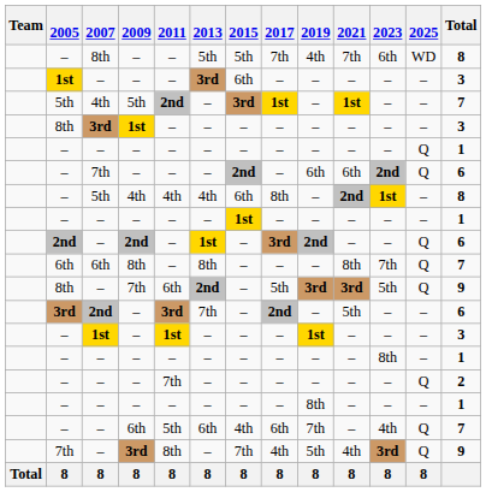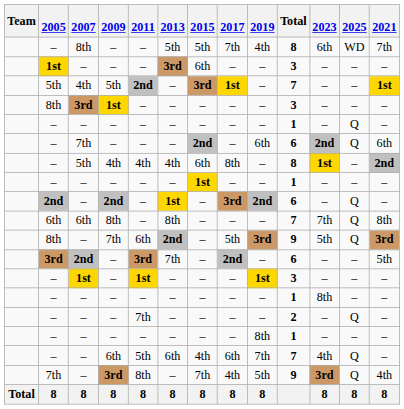 <table class="wikitable" style="text-align:center">
 <tr>
 <th>Team</th>
 <th><br><a href='#'>2005</a></th>
 <th><br><a href='#'>2007</a></th>
 <th><br><a href='#'>2009</a></th>
 <th><br><a href='#'>2011</a></th>
 <th><br><a href='#'>2013</a></th>
 <th><br><a href='#'>2015</a></th>
 <th><br><a href='#'>2017</a></th>
 <th><br><a href='#'>2019</a></th>
-<th><br><a href='#'>2021</a></th>
+<th>Total</th>
 <th><br><a href='#'>2023</a></th>
 <th><br><a href='#'>2025</a></th>
-<th>Total</th>
+<th><br><a href='#'>2021</a></th>
 </tr>
 <tr>
 <td align=left></td>
 <td>–</td>
 <td>8th</td>
 <td>–</td>
 <td>–</td>
 <td>5th</td>
 <td>5th</td>
 <td>7th</td>
 <td>4th</td>
-<td>7th</td>
+<td><strong>8</strong></td>
 <td>6th</td>
 <td>WD</td>
-<td><strong>8</strong></td>
+<td>7th</td>
 </tr>
 <tr>
 <td align=left></td>
 <td bgcolor=gold><strong>1st</strong></td>
 <td>–</td>
 <td>–</td>
 <td>–</td>
 <td bgcolor=cc9966><strong>3rd</strong></td>
 <td>6th</td>
 <td>–</td>
 <td>–</td>
+<td><strong>3</strong></td>
 <td>–</td>
 <td>–</td>
 <td>–</td>
-<td><strong>3</strong></td>
 </tr>
 <tr>
 <td align=left></td>
 <td>5th</td>
 <td>4th</td>
 <td>5th</td>
 <td bgcolor=silver><strong>2nd</strong></td>
 <td>–</td>
 <td bgcolor=cc9966><strong>3rd</strong></td>
 <td bgcolor=gold><strong>1st</strong></td>
 <td>–</td>
-<td bgcolor=gold><strong>1st</strong></td>
+<td><strong>7</strong></td>
 <td>–</td>
 <td>–</td>
-<td><strong>7</strong></td>
+<td bgcolor=gold><strong>1st</strong></td>
 </tr>
 <tr>
 <td align=left></td>
 <td>8th</td>
 <td bgcolor=cc9966><strong>3rd</strong></td>
 <td bgcolor=gold><strong>1st</strong></td>
 <td>–</td>
 <td>–</td>
 <td>–</td>
 <td>–</td>
 <td>–</td>
+<td><strong>3</strong></td>
 <td>–</td>
 <td>–</td>
 <td>–</td>
-<td><strong>3</strong></td>
 </tr>
 <tr>
 <td align=left></td>
 <td>–</td>
 <td>–</td>
 <td>–</td>
 <td>–</td>
 <td>–</td>
 <td>–</td>
 <td>–</td>
 <td>–</td>
-<td>–</td>
+<td><strong>1</strong></td>
 <td>–</td>
 <td>Q</td>
-<td><strong>1</strong></td>
+<td>–</td>
 </tr>
 <tr>
 <td align=left></td>
 <td>–</td>
 <td>7th</td>
 <td>–</td>
 <td>–</td>
 <td>–</td>
 <td bgcolor=silver><strong>2nd</strong></td>
 <td>–</td>
 <td>6th</td>
-<td>6th</td>
+<td><strong>6</strong></td>
 <td bgcolor=silver><strong>2nd</strong></td>
 <td>Q</td>
-<td><strong>6</strong></td>
+<td>6th</td>
 </tr>
 <tr>
 <td align=left></td>
 <td>–</td>
 <td>5th</td>
 <td>4th</td>
 <td>4th</td>
 <td>4th</td>
 <td>6th</td>
 <td>8th</td>
 <td>–</td>
-<td bgcolor=silver><strong>2nd</strong></td>
+<td><strong>8</strong></td>
 <td bgcolor=gold><strong>1st</strong></td>
 <td>–</td>
-<td><strong>8</strong></td>
+<td bgcolor=silver><strong>2nd</strong></td>
 </tr>
 <tr>
 <td align=left></td>
 <td>–</td>
 <td>–</td>
 <td>–</td>
 <td>–</td>
 <td>–</td>
 <td bgcolor=gold><strong>1st</strong></td>
 <td>–</td>
 <td>–</td>
+<td><strong>1</strong></td>
 <td>–</td>
 <td>–</td>
 <td>–</td>
-<td><strong>1</strong></td>
 </tr>
 <tr>
 <td align=left></td>
 <td bgcolor=silver><strong>2nd</strong></td>
 <td>–</td>
 <td bgcolor=silver><strong>2nd</strong></td>
 <td>–</td>
 <td bgcolor=gold><strong>1st</strong></td>
 <td>–</td>
 <td bgcolor=cc9966><strong>3rd</strong></td>
 <td bgcolor=silver><strong>2nd</strong></td>
-<td>–</td>
+<td><strong>6</strong></td>
 <td>–</td>
 <td>Q</td>
-<td><strong>6</strong></td>
+<td>–</td>
 </tr>
 <tr>
 <td align=left></td>
 <td>6th</td>
 <td>6th</td>
 <td>8th</td>
 <td>–</td>
 <td>8th</td>
 <td>–</td>
 <td>–</td>
 <td>–</td>
-<td>8th</td>
+<td><strong>7</strong></td>
 <td>7th</td>
 <td>Q</td>
-<td><strong>7</strong></td>
+<td>8th</td>
 </tr>
 <tr>
 <td align=left></td>
 <td>8th</td>
 <td>–</td>
 <td>7th</td>
 <td>6th</td>
 <td bgcolor=silver><strong>2nd</strong></td>
 <td>–</td>
 <td>5th</td>
 <td bgcolor=cc9966><strong>3rd</strong></td>
-<td bgcolor=cc9966><strong>3rd</strong></td>
+<td><strong>9</strong></td>
 <td>5th</td>
 <td>Q</td>
-<td><strong>9</strong></td>
+<td bgcolor=cc9966><strong>3rd</strong></td>
 </tr>
 <tr>
 <td align=left></td>
 <td bgcolor=cc9966><strong>3rd</strong></td>
 <td bgcolor=silver><strong>2nd</strong></td>
 <td>–</td>
 <td bgcolor=cc9966><strong>3rd</strong></td>
 <td>7th</td>
 <td>–</td>
 <td bgcolor=silver><strong>2nd</strong></td>
 <td>–</td>
-<td>5th</td>
+<td><strong>6</strong></td>
 <td>–</td>
 <td>–</td>
-<td><strong>6</strong></td>
+<td>5th</td>
 </tr>
 <tr>
 <td align=left></td>
 <td>–</td>
 <td bgcolor=gold><strong>1st</strong></td>
 <td>–</td>
 <td bgcolor=gold><strong>1st</strong></td>
 <td>–</td>
 <td>–</td>
 <td>–</td>
 <td bgcolor=gold><strong>1st</strong></td>
+<td><strong>3</strong></td>
 <td>–</td>
 <td>–</td>
 <td>–</td>
-<td><strong>3</strong></td>
 </tr>
 <tr>
 <td align=left></td>
 <td>–</td>
 <td>–</td>
 <td>–</td>
 <td>–</td>
 <td>–</td>
 <td>–</td>
 <td>–</td>
 <td>–</td>
-<td>–</td>
+<td><strong>1</strong></td>
 <td>8th</td>
 <td>–</td>
-<td><strong>1</strong></td>
+<td>–</td>
 </tr>
 <tr>
 <td align=left></td>
 <td>–</td>
 <td>–</td>
 <td>–</td>
 <td>7th</td>
 <td>–</td>
 <td>–</td>
 <td>–</td>
 <td>–</td>
-<td>–</td>
+<td><strong>2</strong></td>
 <td>–</td>
 <td>Q</td>
-<td><strong>2</strong></td>
+<td>–</td>
 </tr>
 <tr>
 <td align=left></td>
 <td>–</td>
 <td>–</td>
 <td>–</td>
 <td>–</td>
 <td>–</td>
 <td>–</td>
 <td>–</td>
 <td>8th</td>
+<td><strong>1</strong></td>
 <td>–</td>
 <td>–</td>
 <td>–</td>
-<td><strong>1</strong></td>
 </tr>
 <tr>
 <td align=left></td>
 <td>–</td>
 <td>–</td>
 <td>6th</td>
 <td>5th</td>
 <td>6th</td>
 <td>4th</td>
 <td>6th</td>
 <td>7th</td>
-<td>–</td>
+<td><strong>7</strong></td>
 <td>4th</td>
 <td>Q</td>
-<td><strong>7</strong></td>
+<td>–</td>
 </tr>
 <tr>
 <td align=left></td>
 <td>7th</td>
 <td>–</td>
 <td bgcolor=cc9966><strong>3rd</strong></td>
 <td>8th</td>
 <td>–</td>
 <td>7th</td>
 <td>4th</td>
 <td>5th</td>
-<td>4th</td>
+<td><strong>9</strong></td>
 <td bgcolor=cc9966><strong>3rd</strong></td>
 <td>Q</td>
-<td><strong>9</strong></td>
+<td>4th</td>
 </tr>
 <tr>
 <th>Total</th>
 <th>8</th>
 <th>8</th>
 <th>8</th>
 <th>8</th>
 <th>8</th>
 <th>8</th>
 <th>8</th>
 <th>8</th>
+<th></th>
 <th>8</th>
 <th>8</th>
 <th>8</th>
-<th></th>
 </tr>
 </table>
